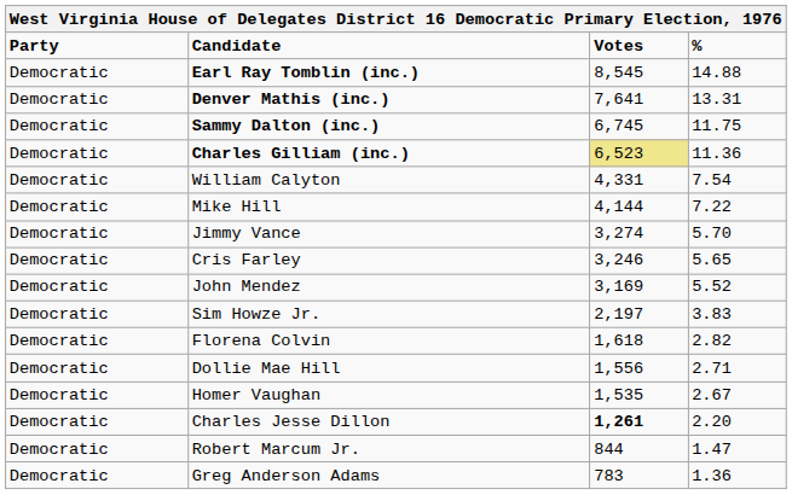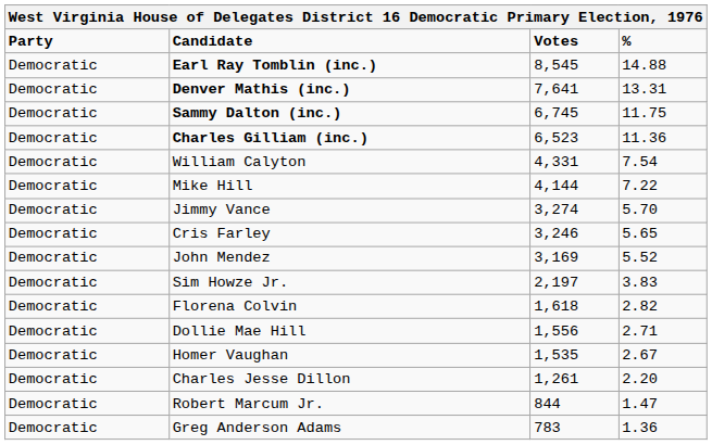 <table class="wikitable">
 <tr>
 <th colspan="4">West Virginia House of Delegates District 16 Democratic Primary Election, 1976</th>
 </tr>
 <tr>
 <td><strong>Party</strong></td>
 <td><strong>Candidate</strong></td>
 <td><strong>Votes</strong></td>
 <td><strong>%</strong></td>
 </tr>
 <tr>
 <td>Democratic</td>
 <td><strong>Earl Ray Tomblin (inc.)</strong></td>
 <td>8,545</td>
 <td>14.88</td>
 </tr>
 <tr>
 <td>Democratic</td>
 <td><strong>Denver Mathis (inc.)</strong></td>
 <td>7,641</td>
 <td>13.31</td>
 </tr>
 <tr>
 <td>Democratic</td>
 <td><strong>Sammy Dalton (inc.)</strong></td>
 <td>6,745</td>
 <td>11.75</td>
 </tr>
 <tr>
 <td>Democratic</td>
 <td><strong>Charles Gilliam (inc.)</strong></td>
-<td style="background: khaki;">6,523</td>
+<td>6,523</td>
 <td>11.36</td>
 </tr>
 <tr>
 <td>Democratic</td>
 <td>William Calyton</td>
 <td>4,331</td>
 <td>7.54</td>
 </tr>
 <tr>
 <td>Democratic</td>
 <td>Mike Hill</td>
 <td>4,144</td>
 <td>7.22</td>
 </tr>
 <tr>
 <td>Democratic</td>
 <td>Jimmy Vance</td>
 <td>3,274</td>
 <td>5.70</td>
 </tr>
 <tr>
 <td>Democratic</td>
 <td>Cris Farley</td>
 <td>3,246</td>
 <td>5.65</td>
 </tr>
 <tr>
 <td>Democratic</td>
 <td>John Mendez</td>
 <td>3,169</td>
 <td>5.52</td>
 </tr>
 <tr>
 <td>Democratic</td>
 <td>Sim Howze Jr.</td>
 <td>2,197</td>
 <td>3.83</td>
 </tr>
 <tr>
 <td>Democratic</td>
 <td>Florena Colvin</td>
 <td>1,618</td>
 <td>2.82</td>
 </tr>
 <tr>
 <td>Democratic</td>
 <td>Dollie Mae Hill</td>
 <td>1,556</td>
 <td>2.71</td>
 </tr>
 <tr>
 <td>Democratic</td>
 <td>Homer Vaughan</td>
 <td>1,535</td>
 <td>2.67</td>
 </tr>
 <tr>
 <td>Democratic</td>
 <td>Charles Jesse Dillon</td>
-<td><strong>1,261</strong></td>
+<td>1,261</td>
 <td>2.20</td>
 </tr>
 <tr>
 <td>Democratic</td>
 <td>Robert Marcum Jr.</td>
 <td>844</td>
 <td>1.47</td>
 </tr>
 <tr>
 <td>Democratic</td>
 <td>Greg Anderson Adams</td>
 <td>783</td>
 <td>1.36</td>
 </tr>
 </table>
